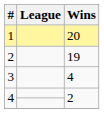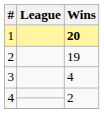 <table class="wikitable sortable">
 <tr>
 <th>#</th>
 <th>League</th>
 <th>Wins</th>
 </tr>
 <tr style="background:#FFF69F">
 <td>1</td>
 <td></td>
-<td>20</td>
+<td><strong>20</strong></td>
 </tr>
 <tr>
 <td>2</td>
 <td></td>
 <td>19</td>
 </tr>
 <tr>
 <td>3</td>
 <td></td>
 <td>4</td>
 </tr>
 <tr>
 <td rowspan="2">4</td>
 <td></td>
 <td rowspan="2">2</td>
 </tr>
 <tr>
 <td></td>
 </tr>
 <tr>
 </tr>
 </table>
